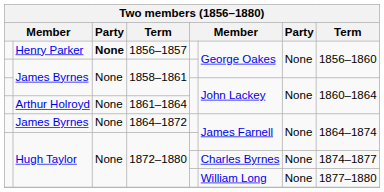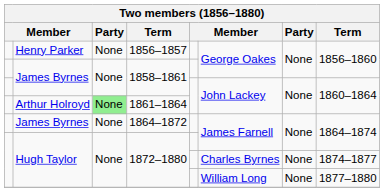 <table class="wikitable">
 <tr>
 <th colspan="8">Two members (1856–1880)</th>
 </tr>
 <tr>
 <th colspan="2">Member</th>
 <th>Party</th>
 <th>Term</th>
 <th colspan="2">Member</th>
 <th>Party</th>
 <th>Term</th>
 </tr>
 <tr>
 <td> </td>
 <td><a href='#'>Henry Parker</a></td>
-<td><strong>None</strong></td>
+<td>None</td>
 <td>1856–1857</td>
 <td> </td>
 <td rowspan="2"><a href='#'>George Oakes</a></td>
 <td rowspan="2">None</td>
 <td rowspan="2">1856–1860</td>
 </tr>
 <tr>
 <td> </td>
 <td rowspan="2"><a href='#'>James Byrnes</a></td>
 <td rowspan="2">None</td>
 <td rowspan="2">1858–1861</td>
 <td> </td>
 </tr>
 <tr>
 <td> </td>
 <td rowspan="2" > </td>
 <td rowspan="2"><a href='#'>John Lackey</a></td>
 <td rowspan="2">None</td>
 <td rowspan="2">1860–1864</td>
 </tr>
 <tr>
 <td> </td>
 <td><a href='#'>Arthur Holroyd</a></td>
-<td>None</td>
+<td style="background: lightgreen;">None</td>
 <td>1861–1864</td>
 </tr>
 <tr>
 <td> </td>
 <td><a href='#'>James Byrnes</a></td>
 <td>None</td>
 <td>1864–1872</td>
 <td> </td>
 <td rowspan="2"><a href='#'>James Farnell</a></td>
 <td rowspan="2">None</td>
 <td rowspan="2">1864–1874</td>
 </tr>
 <tr>
 <td rowspan="3" > </td>
 <td rowspan="3"><a href='#'>Hugh Taylor</a></td>
 <td rowspan="3">None</td>
 <td rowspan="3">1872–1880</td>
 <td> </td>
 </tr>
 <tr>
 <td> </td>
 <td><a href='#'>Charles Byrnes</a></td>
 <td>None</td>
 <td>1874–1877</td>
 </tr>
 <tr>
 <td> </td>
 <td><a href='#'>William Long</a></td>
 <td>None</td>
 <td>1877–1880</td>
 </tr>
 <tr>
 </tr>
 </table>
